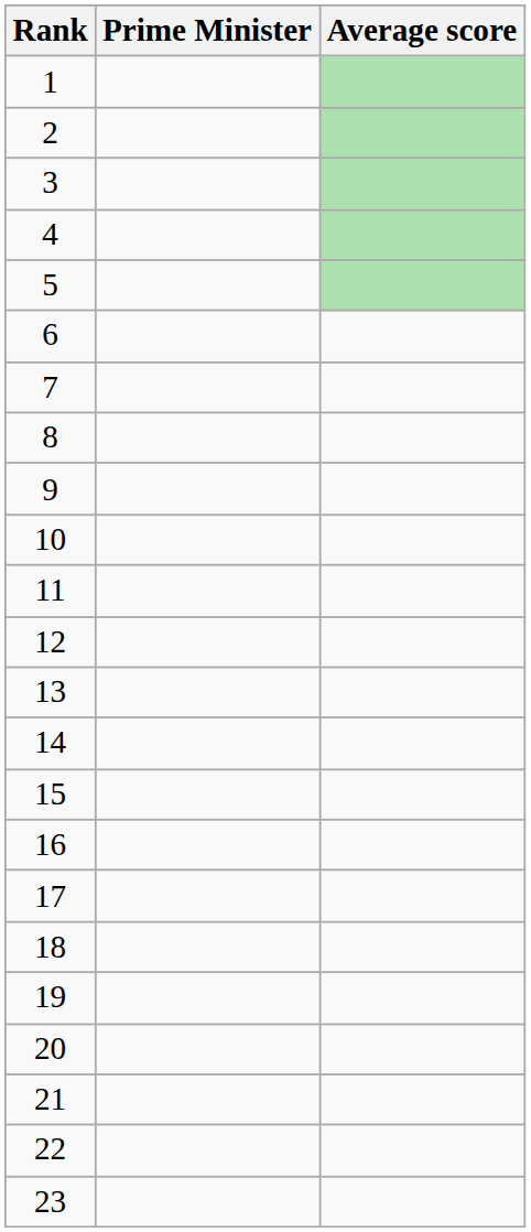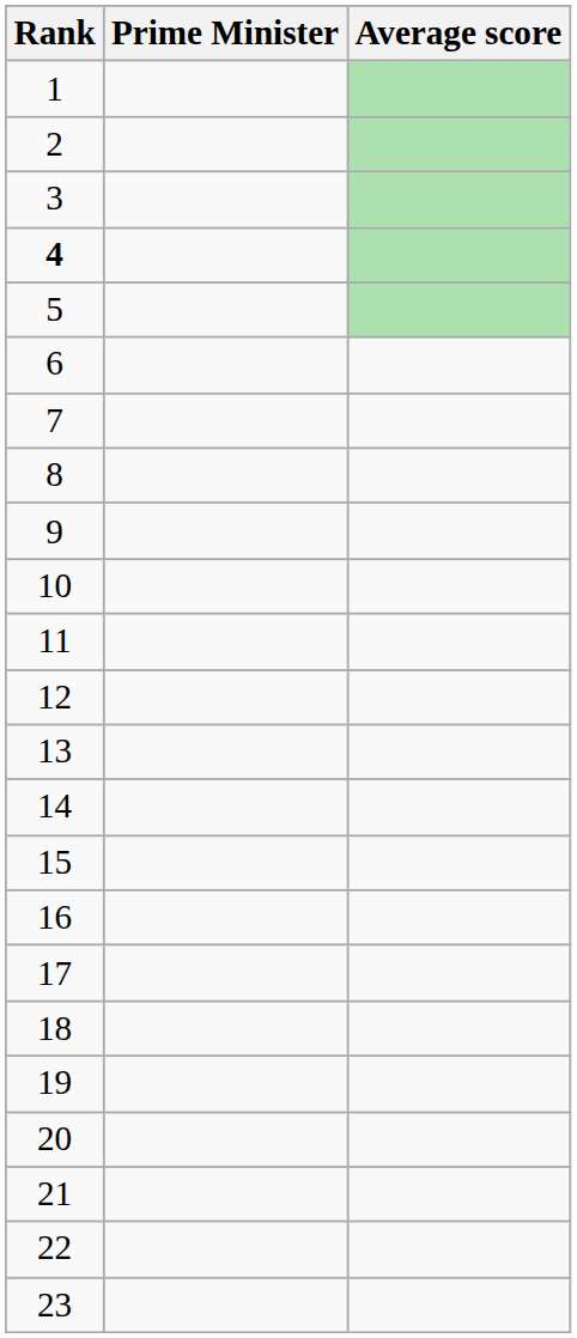 <table class="wikitable sortable">
 <tr>
 <th>Rank</th>
 <th>Prime Minister</th>
 <th colspan=2>Average score</th>
 </tr>
 <tr align=center>
 <td>1</td>
 <td></td>
 <td style="background:#ACE1AF"></td>
 </tr>
 <tr align=center>
 <td>2</td>
 <td></td>
 <td style="background:#ACE1AF"></td>
 </tr>
 <tr align=center>
 <td>3</td>
 <td></td>
 <td style="background:#ACE1AF"></td>
 </tr>
 <tr align=center>
-<td>4</td>
+<td><strong>4</strong></td>
 <td></td>
 <td style="background:#ACE1AF"></td>
 </tr>
 <tr align=center>
 <td>5</td>
 <td></td>
 <td style="background:#ACE1AF"></td>
 </tr>
 <tr align=center>
 <td>6</td>
 <td></td>
 <td></td>
 </tr>
 <tr align=center>
 <td>7</td>
 <td></td>
 <td></td>
 </tr>
 <tr align=center>
 <td>8</td>
 <td></td>
 <td></td>
 </tr>
 <tr align=center>
 <td>9</td>
 <td></td>
 <td></td>
 </tr>
 <tr align=center>
 <td>10</td>
 <td></td>
 <td></td>
 </tr>
 <tr align=center>
 <td>11</td>
 <td></td>
 <td></td>
 </tr>
 <tr align=center>
 <td>12</td>
 <td></td>
 <td></td>
 </tr>
 <tr align=center>
 <td>13</td>
 <td></td>
 <td></td>
 </tr>
 <tr align=center>
 <td>14</td>
 <td></td>
 <td></td>
 </tr>
 <tr align=center>
 <td>15</td>
 <td></td>
 <td></td>
 </tr>
 <tr align=center>
 <td>16</td>
 <td></td>
 <td></td>
 </tr>
 <tr align=center>
 <td>17</td>
 <td></td>
 <td></td>
 </tr>
 <tr align=center>
 <td>18</td>
 <td></td>
 <td></td>
 </tr>
 <tr align=center>
 <td>19</td>
 <td></td>
 <td></td>
 </tr>
 <tr align=center>
 <td>20</td>
 <td></td>
 <td></td>
 </tr>
 <tr align=center>
 <td>21</td>
 <td></td>
 <td></td>
 </tr>
 <tr align=center>
 <td>22</td>
 <td></td>
 <td></td>
 </tr>
 <tr align=center>
 <td>23</td>
 <td></td>
 <td></td>
 </tr>
 </table>
